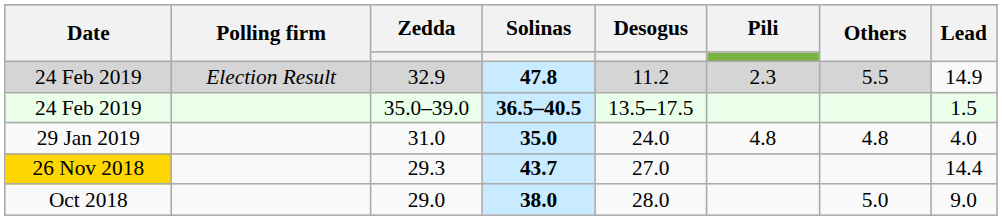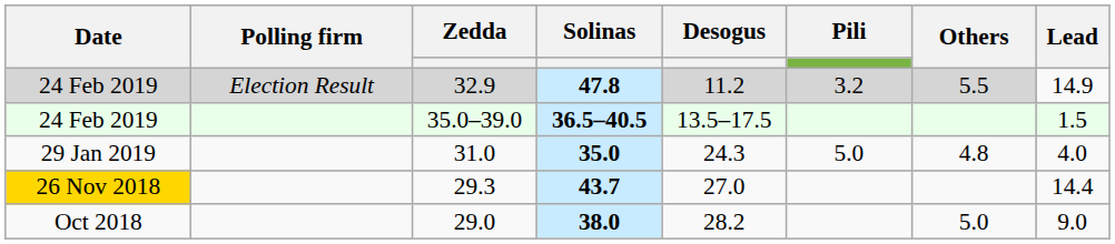 <table class=wikitable style="text-align:center;font-size:85%;line-height:13px">
 <tr style="height:30px; background-color:#E9E9E9">
 <th style="width:100px;" rowspan="2">Date</th>
 <th style="width:120px;" rowspan="2">Polling firm</th>
 <th style="width:65px;">Zedda</th>
 <th style="width:65px;">Solinas</th>
 <th style="width:65px;">Desogus</th>
 <th style="width:65px;">Pili</th>
 <th style="width:65px;" rowspan="2">Others</th>
 <th style="width:35px;" rowspan="2">Lead</th>
 </tr>
 <tr>
 <th style="background:"></th>
 <th style="background:"></th>
 <th style="background:"></th>
 <th style="background-color:#79B342"></th>
 </tr>
 <tr>
 <td style="background:#D5D5D5">24 Feb 2019</td>
 <td style="background:#D5D5D5"><em>Election Result</em></td>
 <td style="background:#D5D5D5">32.9</td>
 <td style="background:#C8EBFF"><strong>47.8</strong></td>
 <td style="background:#D5D5D5">11.2</td>
-<td style="background:#D5D5D5">2.3</td>
+<td style="background:#D5D5D5">3.2</td>
 <td style="background:#D5D5D5">5.5</td>
 <td style="background:">14.9</td>
 </tr>
 <tr style="background:#EAFFEA"|>
 <td>24 Feb 2019</td>
 <td></td>
 <td>35.0–39.0</td>
 <td style="background:#C8EBFF"><strong>36.5–40.5</strong></td>
 <td>13.5–17.5</td>
 <td></td>
 <td></td>
 <td style="background:">1.5</td>
 </tr>
 <tr>
 <td>29 Jan 2019</td>
 <td></td>
 <td>31.0</td>
 <td style="background:#C8EBFF"><strong>35.0</strong></td>
-<td>24.0</td>
-<td>4.8</td>
+<td>24.3</td>
+<td>5.0</td>
 <td>4.8</td>
 <td style="background:">4.0</td>
 </tr>
 <tr>
 <td style="background: gold;">26 Nov 2018</td>
 <td></td>
 <td>29.3</td>
 <td style="background:#C8EBFF"><strong>43.7</strong></td>
 <td>27.0</td>
 <td></td>
 <td></td>
 <td style="background:">14.4</td>
 </tr>
 <tr>
 <td>Oct 2018</td>
 <td></td>
 <td>29.0</td>
 <td style="background:#C8EBFF"><strong>38.0</strong></td>
-<td>28.0</td>
+<td>28.2</td>
 <td></td>
 <td>5.0</td>
 <td style="background:">9.0</td>
 </tr>
 </table>
